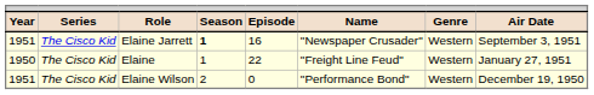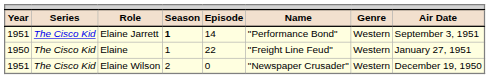 <table class="wikitable sortable mw-collapsible mw-collapsed" style="background:lightyellow; border:2px solid gray;">
 <tr>
 <th colspan="18" style="border:1px solid #808080;background:lightgrey;"></th>
 </tr>
 <tr>
 <th style="border-bottom:2px solid black;border-top:2px solid black;background:#F2E0CE">Year</th>
 <th style="border-bottom:2px solid black;border-top:2px solid black;background:#F2E0CE">Series</th>
 <th style="border-bottom:2px solid black;border-top:2px solid black;background:#F2E0CE">Role</th>
 <th style="border-bottom:2px solid black;border-top:2px solid black;background:#F2E0CE">Season</th>
 <th style="border-bottom:2px solid black;border-top:2px solid black;background:#F2E0CE">Episode</th>
 <th style="border-bottom:2px solid black;border-top:2px solid black;background:#F2E0CE">Name</th>
 <th style="border-bottom:2px solid black;border-top:2px solid black;background:#F2E0CE">Genre</th>
 <th style="border-bottom:2px solid black;border-top:2px solid black;background:#F2E0CE">Air Date</th>
 </tr>
 <tr>
 <td>1951</td>
 <td><em><a href='#'>The Cisco Kid</a></em></td>
 <td>Elaine Jarrett</td>
 <td><strong>1</strong></td>
-<td>16</td>
-<td>"Newspaper Crusader"</td>
+<td>14</td>
+<td>"Performance Bond"</td>
 <td>Western</td>
 <td>September 3, 1951</td>
 </tr>
 <tr>
 <td>1950</td>
 <td><em>The Cisco Kid</em></td>
 <td>Elaine</td>
 <td>1</td>
 <td>22</td>
 <td>"Freight Line Feud"</td>
 <td>Western</td>
 <td>January 27, 1951</td>
 </tr>
 <tr>
 <td>1951</td>
 <td><em>The Cisco Kid</em></td>
 <td>Elaine Wilson</td>
 <td>2</td>
 <td>0</td>
-<td>"Performance Bond"</td>
+<td>"Newspaper Crusader"</td>
 <td>Western</td>
 <td>December 19, 1950</td>
 </tr>
 <tr>
 </tr>
 </table>
